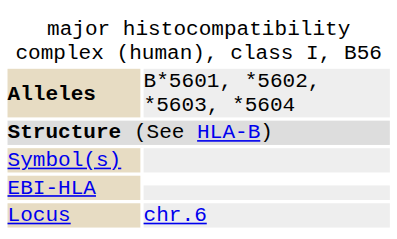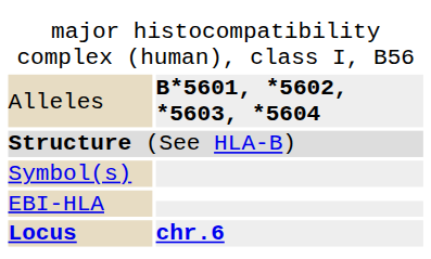 <table id="drugInfoBox" style="float: right; clear: right; margin: 0 0 0.5em 1em; background: #ffffff;" class="toccolours" border=0 cellpadding=0 align=right width="240px">
 <tr>
 <td align="center" colspan="3"></td>
 </tr>
 <tr style="text-align: center; line-height: 1.00;background:#eeeeee">
 <td colspan="3" color="white"></td>
 </tr>
 <tr>
 <td align="center" colspan="2"></td>
 </tr>
 <tr>
 <td align="center" colspan="2"><div>major histocompatibility complex (human), class I, B56</div></td>
 </tr>
 <tr>
-<td bgcolor="#e7dcc3"><strong>Alleles</strong></td>
-<td bgcolor="#eeeeee">B*5601, *5602, *5603, *5604 <br></td>
+<td bgcolor="#e7dcc3">Alleles</td>
+<td bgcolor="#eeeeee"><strong>B*5601, *5602, *5603, *5604 <br></strong></td>
 </tr>
 <tr>
 <td colspan="2" bgcolor="#dddddd"><strong>Structure</strong> (See <a href='#'>HLA-B</a>)</td>
 </tr>
 <tr>
 <td bgcolor="#e7dcc3"><a href='#'>Symbol(s)</a></td>
 <td bgcolor="#eeeeee"></td>
 </tr>
 <tr>
 <td bgcolor="#e7dcc3" Rowspan = 4><a href='#'>EBI-HLA</a></td>
 <td bgcolor="#eeeeee"></td>
 </tr>
 <tr>
 <td bgcolor="#eeeeee"></td>
 </tr>
 <tr>
 <td bgcolor="#eeeeee"></td>
 </tr>
 <tr>
 <td bgcolor="#eeeeee"></td>
 </tr>
 <tr>
-<td bgcolor="#e7dcc3"><a href='#'>Locus</a></td>
-<td bgcolor="#eeeeee"><a href='#'>chr.6</a> <em></em></td>
+<td bgcolor="#e7dcc3"><strong><a href='#'>Locus</a></strong></td>
+<td bgcolor="#eeeeee"><strong><a href='#'>chr.6</a> <em></em></strong></td>
 </tr>
 <tr>
 </tr>
 </table>
